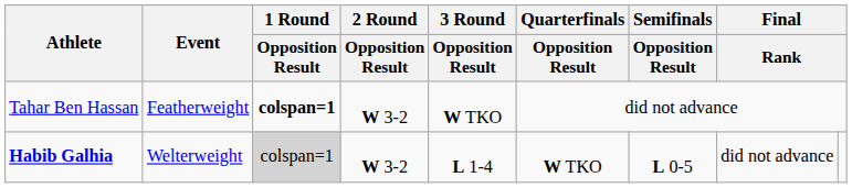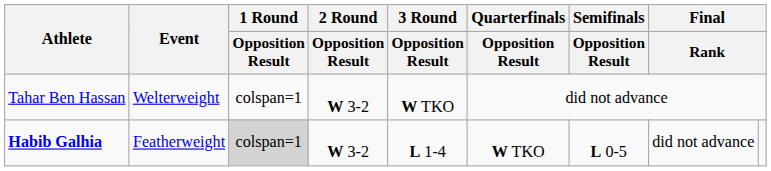 <table class="wikitable" style="font-size:90%">
 <tr>
 <th rowspan="2">Athlete</th>
 <th rowspan="2">Event</th>
 <th>1 Round</th>
 <th>2 Round</th>
 <th>3 Round</th>
 <th>Quarterfinals</th>
 <th>Semifinals</th>
 <th colspan=2>Final</th>
 </tr>
 <tr style="font-size:95%">
 <th>Opposition<br>Result</th>
 <th>Opposition<br>Result</th>
 <th>Opposition<br>Result</th>
 <th>Opposition<br>Result</th>
 <th>Opposition<br>Result</th>
 <th colspan=2>Rank</th>
 </tr>
 <tr align=center>
 <td align=left><a href='#'>Tahar Ben Hassan</a></td>
-<td align=left><a href='#'>Featherweight</a></td>
-<td><strong>colspan=1 </strong></td>
+<td align=left><a href='#'>Welterweight</a></td>
+<td>colspan=1 </td>
 <td><br><strong>W</strong> 3-2</td>
 <td><br><strong>W</strong> TKO</td>
 <td colspan=4>did not advance</td>
 </tr>
 <tr align=center>
 <td align=left><strong><a href='#'>Habib Galhia</a></strong></td>
-<td align=left><a href='#'>Welterweight</a></td>
+<td align=left><a href='#'>Featherweight</a></td>
 <td style="background: lightgrey;">colspan=1 </td>
 <td><br><strong>W</strong> 3-2</td>
 <td><br><strong>L</strong> 1-4</td>
 <td><br><strong>W</strong> TKO</td>
 <td><br><strong>L</strong> 0-5</td>
 <td colspan=1>did not advance</td>
 <td></td>
 </tr>
 </table>
